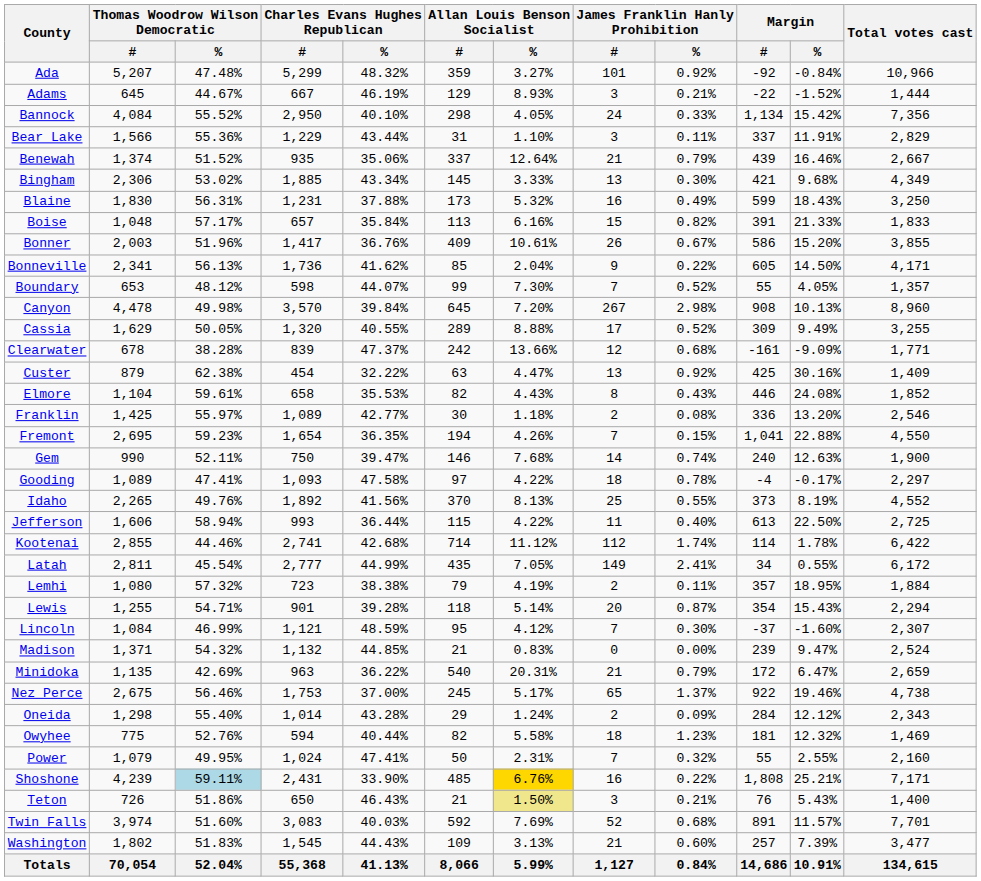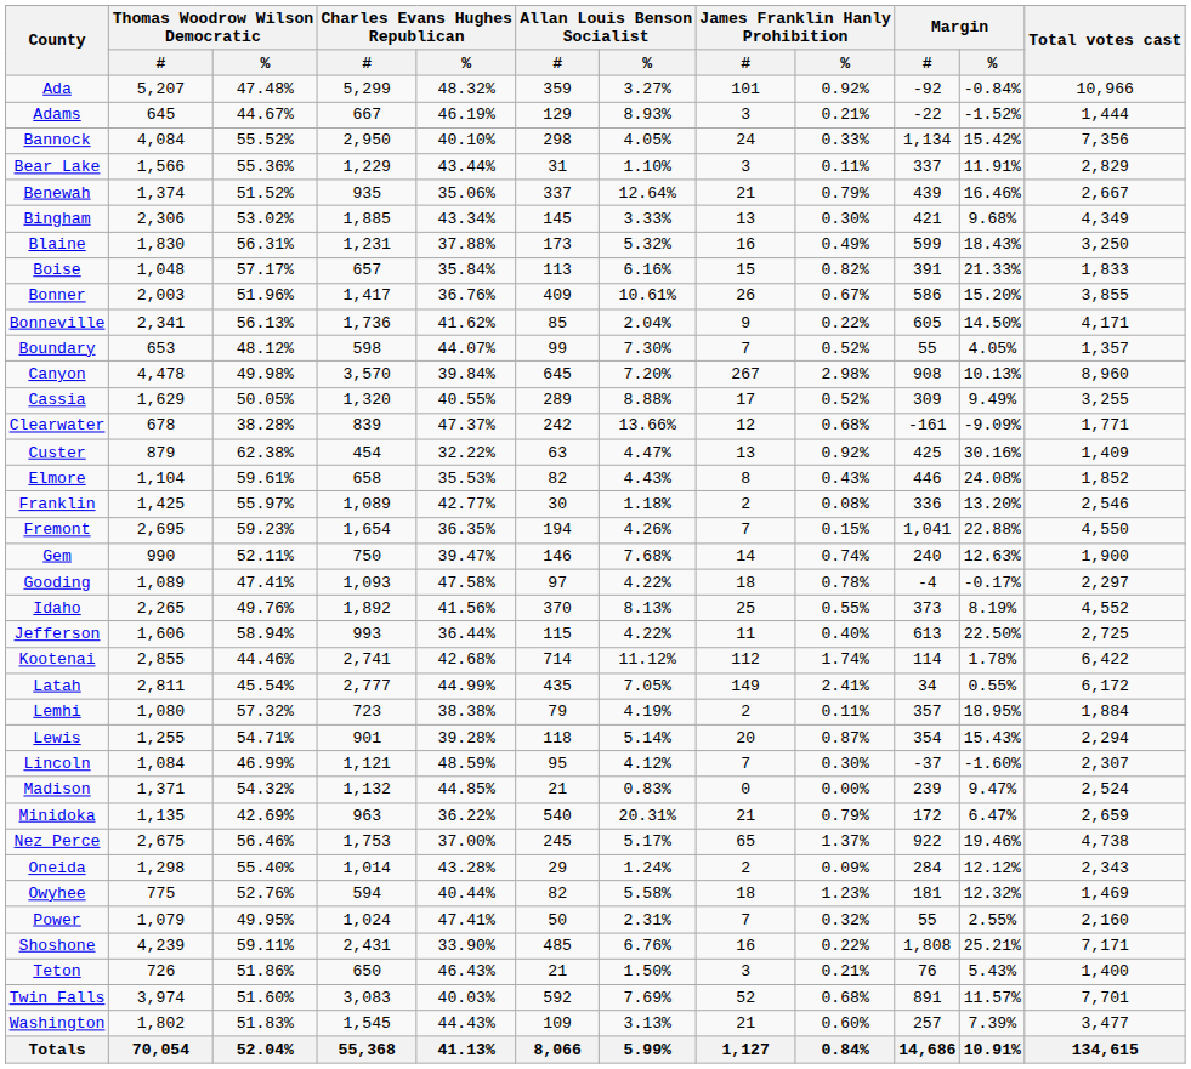 <table class="wikitable sortable" style="text-align:center">
 <tr>
 <th rowspan="2" style="text-align:center;">County</th>
 <th colspan="2" style="text-align:center;">Thomas Woodrow Wilson<br>Democratic</th>
 <th colspan="2" style="text-align:center;">Charles Evans Hughes<br>Republican</th>
 <th colspan="2" style="text-align:center;">Allan Louis Benson<br>Socialist</th>
 <th colspan="2" style="text-align:center;">James Franklin Hanly<br>Prohibition</th>
 <th colspan="2" style="text-align:center;">Margin</th>
 <th colspan="1" rowspan="2" style="text-align:center;">Total votes cast</th>
 </tr>
 <tr>
 <th style="text-align:center;" data-sort-type="number">#</th>
 <th style="text-align:center;" data-sort-type="number">%</th>
 <th style="text-align:center;" data-sort-type="number">#</th>
 <th style="text-align:center;" data-sort-type="number">%</th>
 <th style="text-align:center;" data-sort-type="number">#</th>
 <th style="text-align:center;" data-sort-type="number">%</th>
 <th style="text-align:center;" data-sort-type="number">#</th>
 <th style="text-align:center;" data-sort-type="number">%</th>
 <th style="text-align:center;" data-sort-type="number">#</th>
 <th style="text-align:center;" data-sort-type="number">%</th>
 </tr>
 <tr style="text-align:center;">
 <td><a href='#'>Ada</a></td>
 <td>5,207</td>
 <td>47.48%</td>
 <td>5,299</td>
 <td>48.32%</td>
 <td>359</td>
 <td>3.27%</td>
 <td>101</td>
 <td>0.92%</td>
 <td>-92</td>
 <td>-0.84%</td>
 <td>10,966</td>
 </tr>
 <tr style="text-align:center;">
 <td><a href='#'>Adams</a></td>
 <td>645</td>
 <td>44.67%</td>
 <td>667</td>
 <td>46.19%</td>
 <td>129</td>
 <td>8.93%</td>
 <td>3</td>
 <td>0.21%</td>
 <td>-22</td>
 <td>-1.52%</td>
 <td>1,444</td>
 </tr>
 <tr style="text-align:center;">
 <td><a href='#'>Bannock</a></td>
 <td>4,084</td>
 <td>55.52%</td>
 <td>2,950</td>
 <td>40.10%</td>
 <td>298</td>
 <td>4.05%</td>
 <td>24</td>
 <td>0.33%</td>
 <td>1,134</td>
 <td>15.42%</td>
 <td>7,356</td>
 </tr>
 <tr style="text-align:center;">
 <td><a href='#'>Bear Lake</a></td>
 <td>1,566</td>
 <td>55.36%</td>
 <td>1,229</td>
 <td>43.44%</td>
 <td>31</td>
 <td>1.10%</td>
 <td>3</td>
 <td>0.11%</td>
 <td>337</td>
 <td>11.91%</td>
 <td>2,829</td>
 </tr>
 <tr style="text-align:center;">
 <td><a href='#'>Benewah</a></td>
 <td>1,374</td>
 <td>51.52%</td>
 <td>935</td>
 <td>35.06%</td>
 <td>337</td>
 <td>12.64%</td>
 <td>21</td>
 <td>0.79%</td>
 <td>439</td>
 <td>16.46%</td>
 <td>2,667</td>
 </tr>
 <tr style="text-align:center;">
 <td><a href='#'>Bingham</a></td>
 <td>2,306</td>
 <td>53.02%</td>
 <td>1,885</td>
 <td>43.34%</td>
 <td>145</td>
 <td>3.33%</td>
 <td>13</td>
 <td>0.30%</td>
 <td>421</td>
 <td>9.68%</td>
 <td>4,349</td>
 </tr>
 <tr style="text-align:center;">
 <td><a href='#'>Blaine</a></td>
 <td>1,830</td>
 <td>56.31%</td>
 <td>1,231</td>
 <td>37.88%</td>
 <td>173</td>
 <td>5.32%</td>
 <td>16</td>
 <td>0.49%</td>
 <td>599</td>
 <td>18.43%</td>
 <td>3,250</td>
 </tr>
 <tr style="text-align:center;">
 <td><a href='#'>Boise</a></td>
 <td>1,048</td>
 <td>57.17%</td>
 <td>657</td>
 <td>35.84%</td>
 <td>113</td>
 <td>6.16%</td>
 <td>15</td>
 <td>0.82%</td>
 <td>391</td>
 <td>21.33%</td>
 <td>1,833</td>
 </tr>
 <tr style="text-align:center;">
 <td><a href='#'>Bonner</a></td>
 <td>2,003</td>
 <td>51.96%</td>
 <td>1,417</td>
 <td>36.76%</td>
 <td>409</td>
 <td>10.61%</td>
 <td>26</td>
 <td>0.67%</td>
 <td>586</td>
 <td>15.20%</td>
 <td>3,855</td>
 </tr>
 <tr style="text-align:center;">
 <td><a href='#'>Bonneville</a></td>
 <td>2,341</td>
 <td>56.13%</td>
 <td>1,736</td>
 <td>41.62%</td>
 <td>85</td>
 <td>2.04%</td>
 <td>9</td>
 <td>0.22%</td>
 <td>605</td>
 <td>14.50%</td>
 <td>4,171</td>
 </tr>
 <tr style="text-align:center;">
 <td><a href='#'>Boundary</a></td>
 <td>653</td>
 <td>48.12%</td>
 <td>598</td>
 <td>44.07%</td>
 <td>99</td>
 <td>7.30%</td>
 <td>7</td>
 <td>0.52%</td>
 <td>55</td>
 <td>4.05%</td>
 <td>1,357</td>
 </tr>
 <tr style="text-align:center;">
 <td><a href='#'>Canyon</a></td>
 <td>4,478</td>
 <td>49.98%</td>
 <td>3,570</td>
 <td>39.84%</td>
 <td>645</td>
 <td>7.20%</td>
 <td>267</td>
 <td>2.98%</td>
 <td>908</td>
 <td>10.13%</td>
 <td>8,960</td>
 </tr>
 <tr style="text-align:center;">
 <td><a href='#'>Cassia</a></td>
 <td>1,629</td>
 <td>50.05%</td>
 <td>1,320</td>
 <td>40.55%</td>
 <td>289</td>
 <td>8.88%</td>
 <td>17</td>
 <td>0.52%</td>
 <td>309</td>
 <td>9.49%</td>
 <td>3,255</td>
 </tr>
 <tr style="text-align:center;">
 <td><a href='#'>Clearwater</a></td>
 <td>678</td>
 <td>38.28%</td>
 <td>839</td>
 <td>47.37%</td>
 <td>242</td>
 <td>13.66%</td>
 <td>12</td>
 <td>0.68%</td>
 <td>-161</td>
 <td>-9.09%</td>
 <td>1,771</td>
 </tr>
 <tr style="text-align:center;">
 <td><a href='#'>Custer</a></td>
 <td>879</td>
 <td>62.38%</td>
 <td>454</td>
 <td>32.22%</td>
 <td>63</td>
 <td>4.47%</td>
 <td>13</td>
 <td>0.92%</td>
 <td>425</td>
 <td>30.16%</td>
 <td>1,409</td>
 </tr>
 <tr style="text-align:center;">
 <td><a href='#'>Elmore</a></td>
 <td>1,104</td>
 <td>59.61%</td>
 <td>658</td>
 <td>35.53%</td>
 <td>82</td>
 <td>4.43%</td>
 <td>8</td>
 <td>0.43%</td>
 <td>446</td>
 <td>24.08%</td>
 <td>1,852</td>
 </tr>
 <tr style="text-align:center;">
 <td><a href='#'>Franklin</a></td>
 <td>1,425</td>
 <td>55.97%</td>
 <td>1,089</td>
 <td>42.77%</td>
 <td>30</td>
 <td>1.18%</td>
 <td>2</td>
 <td>0.08%</td>
 <td>336</td>
 <td>13.20%</td>
 <td>2,546</td>
 </tr>
 <tr style="text-align:center;">
 <td><a href='#'>Fremont</a></td>
 <td>2,695</td>
 <td>59.23%</td>
 <td>1,654</td>
 <td>36.35%</td>
 <td>194</td>
 <td>4.26%</td>
 <td>7</td>
 <td>0.15%</td>
 <td>1,041</td>
 <td>22.88%</td>
 <td>4,550</td>
 </tr>
 <tr style="text-align:center;">
 <td><a href='#'>Gem</a></td>
 <td>990</td>
 <td>52.11%</td>
 <td>750</td>
 <td>39.47%</td>
 <td>146</td>
 <td>7.68%</td>
 <td>14</td>
 <td>0.74%</td>
 <td>240</td>
 <td>12.63%</td>
 <td>1,900</td>
 </tr>
 <tr style="text-align:center;">
 <td><a href='#'>Gooding</a></td>
 <td>1,089</td>
 <td>47.41%</td>
 <td>1,093</td>
 <td>47.58%</td>
 <td>97</td>
 <td>4.22%</td>
 <td>18</td>
 <td>0.78%</td>
 <td>-4</td>
 <td>-0.17%</td>
 <td>2,297</td>
 </tr>
 <tr style="text-align:center;">
 <td><a href='#'>Idaho</a></td>
 <td>2,265</td>
 <td>49.76%</td>
 <td>1,892</td>
 <td>41.56%</td>
 <td>370</td>
 <td>8.13%</td>
 <td>25</td>
 <td>0.55%</td>
 <td>373</td>
 <td>8.19%</td>
 <td>4,552</td>
 </tr>
 <tr style="text-align:center;">
 <td><a href='#'>Jefferson</a></td>
 <td>1,606</td>
 <td>58.94%</td>
 <td>993</td>
 <td>36.44%</td>
 <td>115</td>
 <td>4.22%</td>
 <td>11</td>
 <td>0.40%</td>
 <td>613</td>
 <td>22.50%</td>
 <td>2,725</td>
 </tr>
 <tr style="text-align:center;">
 <td><a href='#'>Kootenai</a></td>
 <td>2,855</td>
 <td>44.46%</td>
 <td>2,741</td>
 <td>42.68%</td>
 <td>714</td>
 <td>11.12%</td>
 <td>112</td>
 <td>1.74%</td>
 <td>114</td>
 <td>1.78%</td>
 <td>6,422</td>
 </tr>
 <tr style="text-align:center;">
 <td><a href='#'>Latah</a></td>
 <td>2,811</td>
 <td>45.54%</td>
 <td>2,777</td>
 <td>44.99%</td>
 <td>435</td>
 <td>7.05%</td>
 <td>149</td>
 <td>2.41%</td>
 <td>34</td>
 <td>0.55%</td>
 <td>6,172</td>
 </tr>
 <tr style="text-align:center;">
 <td><a href='#'>Lemhi</a></td>
 <td>1,080</td>
 <td>57.32%</td>
 <td>723</td>
 <td>38.38%</td>
 <td>79</td>
 <td>4.19%</td>
 <td>2</td>
 <td>0.11%</td>
 <td>357</td>
 <td>18.95%</td>
 <td>1,884</td>
 </tr>
 <tr style="text-align:center;">
 <td><a href='#'>Lewis</a></td>
 <td>1,255</td>
 <td>54.71%</td>
 <td>901</td>
 <td>39.28%</td>
 <td>118</td>
 <td>5.14%</td>
 <td>20</td>
 <td>0.87%</td>
 <td>354</td>
 <td>15.43%</td>
 <td>2,294</td>
 </tr>
 <tr style="text-align:center;">
 <td><a href='#'>Lincoln</a></td>
 <td>1,084</td>
 <td>46.99%</td>
 <td>1,121</td>
 <td>48.59%</td>
 <td>95</td>
 <td>4.12%</td>
 <td>7</td>
 <td>0.30%</td>
 <td>-37</td>
 <td>-1.60%</td>
 <td>2,307</td>
 </tr>
 <tr style="text-align:center;">
 <td><a href='#'>Madison</a></td>
 <td>1,371</td>
 <td>54.32%</td>
 <td>1,132</td>
 <td>44.85%</td>
 <td>21</td>
 <td>0.83%</td>
 <td>0</td>
 <td>0.00%</td>
 <td>239</td>
 <td>9.47%</td>
 <td>2,524</td>
 </tr>
 <tr style="text-align:center;">
 <td><a href='#'>Minidoka</a></td>
 <td>1,135</td>
 <td>42.69%</td>
 <td>963</td>
 <td>36.22%</td>
 <td>540</td>
 <td>20.31%</td>
 <td>21</td>
 <td>0.79%</td>
 <td>172</td>
 <td>6.47%</td>
 <td>2,659</td>
 </tr>
 <tr style="text-align:center;">
 <td><a href='#'>Nez Perce</a></td>
 <td>2,675</td>
 <td>56.46%</td>
 <td>1,753</td>
 <td>37.00%</td>
 <td>245</td>
 <td>5.17%</td>
 <td>65</td>
 <td>1.37%</td>
 <td>922</td>
 <td>19.46%</td>
 <td>4,738</td>
 </tr>
 <tr style="text-align:center;">
 <td><a href='#'>Oneida</a></td>
 <td>1,298</td>
 <td>55.40%</td>
 <td>1,014</td>
 <td>43.28%</td>
 <td>29</td>
 <td>1.24%</td>
 <td>2</td>
 <td>0.09%</td>
 <td>284</td>
 <td>12.12%</td>
 <td>2,343</td>
 </tr>
 <tr style="text-align:center;">
 <td><a href='#'>Owyhee</a></td>
 <td>775</td>
 <td>52.76%</td>
 <td>594</td>
 <td>40.44%</td>
 <td>82</td>
 <td>5.58%</td>
 <td>18</td>
 <td>1.23%</td>
 <td>181</td>
 <td>12.32%</td>
 <td>1,469</td>
 </tr>
 <tr style="text-align:center;">
 <td><a href='#'>Power</a></td>
 <td>1,079</td>
 <td>49.95%</td>
 <td>1,024</td>
 <td>47.41%</td>
 <td>50</td>
 <td>2.31%</td>
 <td>7</td>
 <td>0.32%</td>
 <td>55</td>
 <td>2.55%</td>
 <td>2,160</td>
 </tr>
 <tr style="text-align:center;">
 <td><a href='#'>Shoshone</a></td>
 <td>4,239</td>
-<td style="background: lightblue;">59.11%</td>
+<td>59.11%</td>
 <td>2,431</td>
 <td>33.90%</td>
 <td>485</td>
-<td style="background: gold;">6.76%</td>
+<td>6.76%</td>
 <td>16</td>
 <td>0.22%</td>
 <td>1,808</td>
 <td>25.21%</td>
 <td>7,171</td>
 </tr>
 <tr style="text-align:center;">
 <td><a href='#'>Teton</a></td>
 <td>726</td>
 <td>51.86%</td>
 <td>650</td>
 <td>46.43%</td>
 <td>21</td>
-<td style="background: khaki;">1.50%</td>
+<td>1.50%</td>
 <td>3</td>
 <td>0.21%</td>
 <td>76</td>
 <td>5.43%</td>
 <td>1,400</td>
 </tr>
 <tr style="text-align:center;">
 <td><a href='#'>Twin Falls</a></td>
 <td>3,974</td>
 <td>51.60%</td>
 <td>3,083</td>
 <td>40.03%</td>
 <td>592</td>
 <td>7.69%</td>
 <td>52</td>
 <td>0.68%</td>
 <td>891</td>
 <td>11.57%</td>
 <td>7,701</td>
 </tr>
 <tr style="text-align:center;">
 <td><a href='#'>Washington</a></td>
 <td>1,802</td>
 <td>51.83%</td>
 <td>1,545</td>
 <td>44.43%</td>
 <td>109</td>
 <td>3.13%</td>
 <td>21</td>
 <td>0.60%</td>
 <td>257</td>
 <td>7.39%</td>
 <td>3,477</td>
 </tr>
 <tr style="text-align:center;">
 <th>Totals</th>
 <th>70,054</th>
 <th>52.04%</th>
 <th>55,368</th>
 <th>41.13%</th>
 <th>8,066</th>
 <th>5.99%</th>
 <th>1,127</th>
 <th>0.84%</th>
 <th>14,686</th>
 <th>10.91%</th>
 <th>134,615</th>
 </tr>
 </table>
